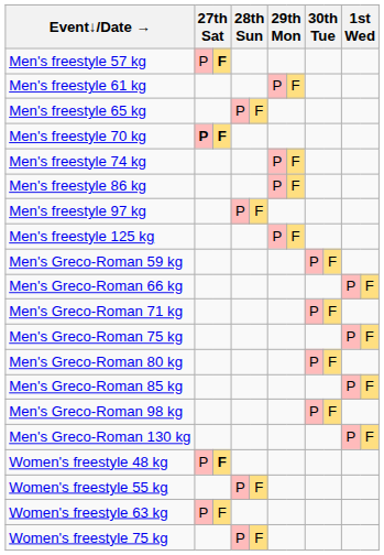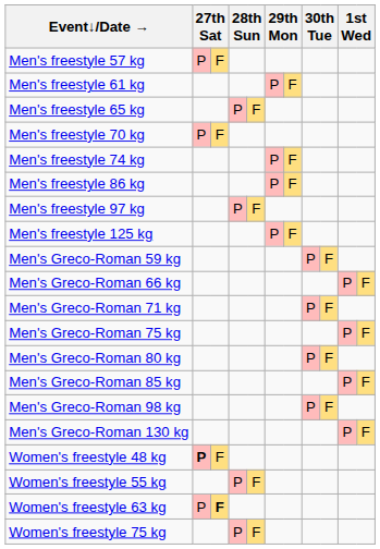 <table class="wikitable" style="margin:0.5em auto; font-size:90%; line-height:1.25em; text-align:center;">
 <tr>
 <th>Event↓/Date →</th>
 <th colspan=2>27th<br>Sat</th>
 <th colspan=2>28th<br>Sun</th>
 <th colspan=2>29th<br>Mon</th>
 <th colspan=2>30th<br>Tue</th>
 <th colspan=2>1st<br>Wed</th>
 </tr>
 <tr>
 <td align="left"><a href='#'>Men's freestyle 57 kg</a></td>
 <td bgcolor="#FFBBBB">P</td>
-<td bgcolor="#FFDF80"><strong>F</strong></td>
+<td bgcolor="#FFDF80">F</td>
 <td colspan=2></td>
 <td colspan=2></td>
 <td colspan=2></td>
 <td colspan=2></td>
 </tr>
 <tr>
 <td align="left"><a href='#'>Men's freestyle 61 kg</a></td>
 <td colspan=2></td>
 <td colspan=2></td>
 <td bgcolor="#FFBBBB">P</td>
 <td bgcolor="#FFDF80">F</td>
 <td colspan=2></td>
 <td colspan=2></td>
 </tr>
 <tr>
 <td align="left"><a href='#'>Men's freestyle 65 kg</a></td>
 <td colspan=2></td>
 <td bgcolor="#FFBBBB">P</td>
 <td bgcolor="#FFDF80">F</td>
 <td colspan=2></td>
 <td colspan=2></td>
 <td colspan=2></td>
 </tr>
 <tr>
 <td align="left"><a href='#'>Men's freestyle 70 kg</a></td>
-<td bgcolor="#FFBBBB"><strong>P</strong></td>
-<td bgcolor="#FFDF80"><strong>F</strong></td>
+<td bgcolor="#FFBBBB">P</td>
+<td bgcolor="#FFDF80">F</td>
 <td colspan=2></td>
 <td colspan=2></td>
 <td colspan=2></td>
 <td colspan=2></td>
 </tr>
 <tr>
 <td align="left"><a href='#'>Men's freestyle 74 kg</a></td>
 <td colspan=2></td>
 <td colspan=2></td>
 <td bgcolor="#FFBBBB">P</td>
 <td bgcolor="#FFDF80">F</td>
 <td colspan=2></td>
 <td colspan=2></td>
 </tr>
 <tr>
 <td align="left"><a href='#'>Men's freestyle 86 kg</a></td>
 <td colspan=2></td>
 <td colspan=2></td>
 <td bgcolor="#FFBBBB">P</td>
 <td bgcolor="#FFDF80">F</td>
 <td colspan=2></td>
 <td colspan=2></td>
 </tr>
 <tr>
 <td align="left"><a href='#'>Men's freestyle 97 kg</a></td>
 <td colspan=2></td>
 <td bgcolor="#FFBBBB">P</td>
 <td bgcolor="#FFDF80">F</td>
 <td colspan=2></td>
 <td colspan=2></td>
 <td colspan=2></td>
 </tr>
 <tr>
 <td align="left"><a href='#'>Men's freestyle 125 kg</a></td>
 <td colspan=2></td>
 <td colspan=2></td>
 <td bgcolor="#FFBBBB">P</td>
 <td bgcolor="#FFDF80">F</td>
 <td colspan=2></td>
 <td colspan=2></td>
 </tr>
 <tr>
 <td align="left"><a href='#'>Men's Greco-Roman 59 kg</a></td>
 <td colspan=2></td>
 <td colspan=2></td>
 <td colspan=2></td>
 <td bgcolor="#FFBBBB">P</td>
 <td bgcolor="#FFDF80">F</td>
 <td colspan=2></td>
 </tr>
 <tr>
 <td align="left"><a href='#'>Men's Greco-Roman 66 kg</a></td>
 <td colspan=2></td>
 <td colspan=2></td>
 <td colspan=2></td>
 <td colspan=2></td>
 <td bgcolor="#FFBBBB">P</td>
 <td bgcolor="#FFDF80">F</td>
 </tr>
 <tr>
 <td align="left"><a href='#'>Men's Greco-Roman 71 kg</a></td>
 <td colspan=2></td>
 <td colspan=2></td>
 <td colspan=2></td>
 <td bgcolor="#FFBBBB">P</td>
 <td bgcolor="#FFDF80">F</td>
 <td colspan=2></td>
 </tr>
 <tr>
 <td align="left"><a href='#'>Men's Greco-Roman 75 kg</a></td>
 <td colspan=2></td>
 <td colspan=2></td>
 <td colspan=2></td>
 <td colspan=2></td>
 <td bgcolor="#FFBBBB">P</td>
 <td bgcolor="#FFDF80">F</td>
 </tr>
 <tr>
 <td align="left"><a href='#'>Men's Greco-Roman 80 kg</a></td>
 <td colspan=2></td>
 <td colspan=2></td>
 <td colspan=2></td>
 <td bgcolor="#FFBBBB">P</td>
 <td bgcolor="#FFDF80">F</td>
 <td colspan=2></td>
 </tr>
 <tr>
 <td align="left"><a href='#'>Men's Greco-Roman 85 kg</a></td>
 <td colspan=2></td>
 <td colspan=2></td>
 <td colspan=2></td>
 <td colspan=2></td>
 <td bgcolor="#FFBBBB">P</td>
 <td bgcolor="#FFDF80">F</td>
 </tr>
 <tr>
 <td align="left"><a href='#'>Men's Greco-Roman 98 kg</a></td>
 <td colspan=2></td>
 <td colspan=2></td>
 <td colspan=2></td>
 <td bgcolor="#FFBBBB">P</td>
 <td bgcolor="#FFDF80">F</td>
 <td colspan=2></td>
 </tr>
 <tr>
 <td align="left"><a href='#'>Men's Greco-Roman 130 kg</a></td>
 <td colspan=2></td>
 <td colspan=2></td>
 <td colspan=2></td>
 <td colspan=2></td>
 <td bgcolor="#FFBBBB">P</td>
 <td bgcolor="#FFDF80">F</td>
 </tr>
 <tr>
 <td align="left"><a href='#'>Women's freestyle 48 kg</a></td>
-<td bgcolor="#FFBBBB">P</td>
-<td bgcolor="#FFDF80"><strong>F</strong></td>
+<td bgcolor="#FFBBBB"><strong>P</strong></td>
+<td bgcolor="#FFDF80">F</td>
 <td colspan=2></td>
 <td colspan=2></td>
 <td colspan=2></td>
 <td colspan=2></td>
 </tr>
 <tr>
 <td align="left"><a href='#'>Women's freestyle 55 kg</a></td>
 <td colspan=2></td>
 <td bgcolor="#FFBBBB">P</td>
 <td bgcolor="#FFDF80">F</td>
 <td colspan=2></td>
 <td colspan=2></td>
 <td colspan=2></td>
 </tr>
 <tr>
 <td align="left"><a href='#'>Women's freestyle 63 kg</a></td>
 <td bgcolor="#FFBBBB">P</td>
-<td bgcolor="#FFDF80">F</td>
+<td bgcolor="#FFDF80"><strong>F</strong></td>
 <td colspan=2></td>
 <td colspan=2></td>
 <td colspan=2></td>
 <td colspan=2></td>
 </tr>
 <tr>
 <td align="left"><a href='#'>Women's freestyle 75 kg</a></td>
 <td colspan=2></td>
 <td bgcolor="#FFBBBB">P</td>
 <td bgcolor="#FFDF80">F</td>
 <td colspan=2></td>
 <td colspan=2></td>
 <td colspan=2></td>
 </tr>
 </table>
